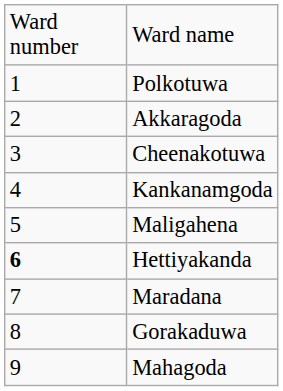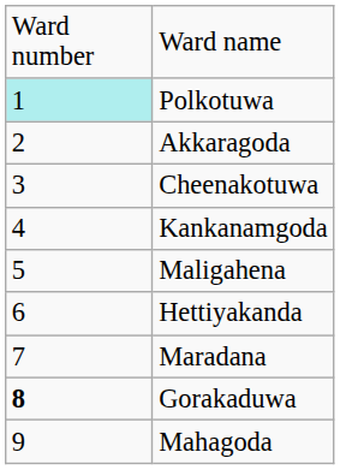 <table class="wikitable">
 <tr>
 <td style="width:80px;">Ward number</td>
 <td>Ward name</td>
 </tr>
 <tr>
-<td>1</td>
+<td style="background: paleturquoise;">1</td>
 <td>Polkotuwa</td>
 </tr>
 <tr>
 <td>2</td>
 <td>Akkaragoda</td>
 </tr>
 <tr>
 <td>3</td>
 <td>Cheenakotuwa</td>
 </tr>
 <tr>
 <td>4</td>
 <td>Kankanamgoda</td>
 </tr>
 <tr>
 <td>5</td>
 <td>Maligahena</td>
 </tr>
 <tr>
-<td><strong>6</strong></td>
+<td>6</td>
 <td>Hettiyakanda</td>
 </tr>
 <tr>
 <td>7</td>
 <td>Maradana</td>
 </tr>
 <tr>
-<td>8</td>
+<td><strong>8</strong></td>
 <td>Gorakaduwa</td>
 </tr>
 <tr>
 <td>9</td>
 <td>Mahagoda</td>
 </tr>
 </table>
